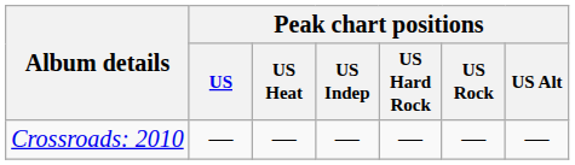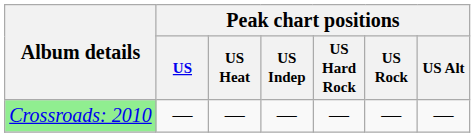 <table class="wikitable" style="text-align:center;">
 <tr>
 <th rowspan="2">Album details</th>
 <th colspan="19">Peak chart positions</th>
 </tr>
 <tr>
 <th style="width:3em;font-size:75%"><a href='#'>US</a></th>
 <th style="width:3em;font-size:75%">US Heat</th>
 <th style="width:3em;font-size:75%">US Indep</th>
 <th style="width:3em;font-size:75%">US Hard Rock</th>
 <th style="width:3em;font-size:75%">US Rock</th>
 <th style="width:3em;font-size:75%">US Alt</th>
 </tr>
 <tr>
-<td align=left><em><a href='#'>Crossroads: 2010</a></em><br></td>
+<td align=left style="background: lightgreen;"><em><a href='#'>Crossroads: 2010</a></em><br></td>
 <td>—</td>
 <td>—</td>
 <td>—</td>
 <td>—</td>
 <td>—</td>
 <td>—</td>
 </tr>
 </table>
